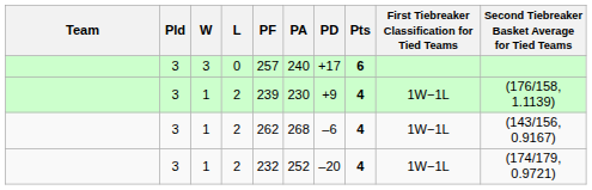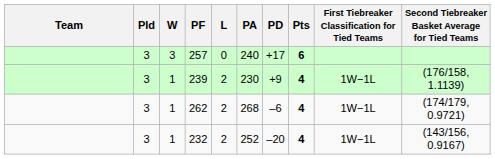 <table class=wikitable style="text-align:center">
 <tr>
 <th width=180>Team</th>
 <th width=30>Pld</th>
 <th width=30>W</th>
+<th width=30>PF</th>
 <th width=30>L</th>
-<th width=30>PF</th>
 <th width=30>PA</th>
 <th width=30>PD</th>
 <th width=30>Pts</th>
 <th width=120><small>First Tiebreaker <br> Classification for Tied Teams</small></th>
 <th width=120><small>Second Tiebreaker <br> Basket Average for Tied Teams</small></th>
 </tr>
 <tr bgcolor="#ccffcc">
 <td align="left"></td>
 <td>3</td>
 <td>3</td>
+<td>257</td>
 <td>0</td>
-<td>257</td>
 <td>240</td>
 <td>+17</td>
 <td><strong>6</strong></td>
 <td></td>
 <td></td>
 </tr>
 <tr bgcolor="#ccffcc">
 <td align="left"></td>
 <td>3</td>
 <td>1</td>
+<td>239</td>
 <td>2</td>
-<td>239</td>
 <td>230</td>
 <td>+9</td>
 <td><strong>4</strong></td>
 <td>1W−1L</td>
 <td>(176/158, 1.1139)</td>
 </tr>
 <tr>
 <td align="left"></td>
 <td>3</td>
 <td>1</td>
+<td>262</td>
 <td>2</td>
-<td>262</td>
 <td>268</td>
 <td>–6</td>
 <td><strong>4</strong></td>
 <td>1W−1L</td>
-<td>(143/156, 0.9167)</td>
+<td>(174/179, 0.9721)</td>
 </tr>
 <tr>
 <td align="left"></td>
 <td>3</td>
 <td>1</td>
+<td>232</td>
 <td>2</td>
-<td>232</td>
 <td>252</td>
 <td>–20</td>
 <td><strong>4</strong></td>
 <td>1W−1L</td>
-<td>(174/179, 0.9721)</td>
+<td>(143/156, 0.9167)</td>
 </tr>
 </table>
